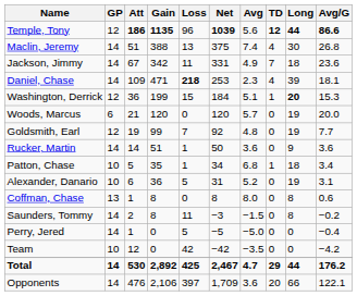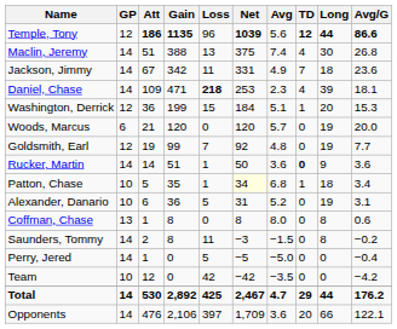 <table class="wikitable sortable" style="white-space:nowrap">
 <tr>
 <th>Name</th>
 <th>GP</th>
 <th>Att</th>
 <th>Gain</th>
 <th>Loss</th>
 <th>Net</th>
 <th>Avg</th>
 <th>TD</th>
 <th>Long</th>
 <th>Avg/G</th>
 </tr>
 <tr>
 <td><a href='#'>Temple, Tony</a></td>
 <td>12</td>
 <td><strong>186</strong></td>
 <td><strong>1135</strong></td>
 <td>96</td>
 <td><strong>1039</strong></td>
 <td>5.6</td>
 <td><strong>12</strong></td>
 <td><strong>44</strong></td>
 <td><strong>86.6</strong></td>
 </tr>
 <tr>
 <td><a href='#'>Maclin, Jeremy</a></td>
 <td>14</td>
 <td>51</td>
 <td>388</td>
 <td>13</td>
 <td>375</td>
 <td>7.4</td>
 <td>4</td>
 <td>30</td>
 <td>26.8</td>
 </tr>
 <tr>
 <td>Jackson, Jimmy</td>
 <td>14</td>
 <td>67</td>
 <td>342</td>
 <td>11</td>
 <td>331</td>
 <td>4.9</td>
 <td>7</td>
 <td>18</td>
 <td>23.6</td>
 </tr>
 <tr>
 <td><a href='#'>Daniel, Chase</a></td>
 <td>14</td>
 <td>109</td>
 <td>471</td>
 <td><strong>218</strong></td>
 <td>253</td>
 <td>2.3</td>
 <td>4</td>
 <td>39</td>
 <td>18.1</td>
 </tr>
 <tr>
 <td>Washington, Derrick</td>
 <td>12</td>
 <td>36</td>
 <td>199</td>
 <td>15</td>
 <td>184</td>
 <td>5.1</td>
 <td>1</td>
-<td><strong>20</strong></td>
+<td>20</td>
 <td>15.3</td>
 </tr>
 <tr>
 <td>Woods, Marcus</td>
 <td>6</td>
 <td>21</td>
 <td>120</td>
 <td>0</td>
 <td>120</td>
 <td>5.7</td>
 <td>0</td>
 <td>19</td>
 <td>20.0</td>
 </tr>
 <tr>
 <td>Goldsmith, Earl</td>
 <td>12</td>
 <td>19</td>
 <td>99</td>
 <td>7</td>
 <td>92</td>
 <td>4.8</td>
 <td>0</td>
 <td>19</td>
 <td>7.7</td>
 </tr>
 <tr>
 <td><a href='#'>Rucker, Martin</a></td>
 <td>14</td>
 <td>14</td>
 <td>51</td>
 <td>1</td>
 <td>50</td>
 <td>3.6</td>
-<td>0</td>
+<td><strong>0</strong></td>
 <td>9</td>
 <td>3.6</td>
 </tr>
 <tr>
 <td>Patton, Chase</td>
 <td>10</td>
 <td>5</td>
 <td>35</td>
 <td>1</td>
-<td>34</td>
+<td style="background: lightyellow;">34</td>
 <td>6.8</td>
 <td>1</td>
 <td>18</td>
 <td>3.4</td>
 </tr>
 <tr>
 <td>Alexander, Danario</td>
 <td>10</td>
 <td>6</td>
 <td>36</td>
 <td>5</td>
 <td>31</td>
 <td>5.2</td>
 <td>0</td>
 <td>19</td>
 <td>3.1</td>
 </tr>
 <tr>
 <td><a href='#'>Coffman, Chase</a></td>
 <td>13</td>
 <td>1</td>
 <td>8</td>
 <td>0</td>
 <td>8</td>
 <td>8.0</td>
 <td>0</td>
 <td>8</td>
 <td>0.6</td>
 </tr>
 <tr>
 <td>Saunders, Tommy</td>
 <td>14</td>
 <td>2</td>
 <td>8</td>
 <td>11</td>
 <td>−3</td>
 <td>−1.5</td>
 <td>0</td>
 <td>8</td>
 <td>−0.2</td>
 </tr>
 <tr>
 <td>Perry, Jered</td>
 <td>14</td>
 <td>1</td>
 <td>0</td>
 <td>5</td>
 <td>−5</td>
 <td>−5.0</td>
 <td>0</td>
 <td>0</td>
 <td>−0.4</td>
 </tr>
 <tr>
 <td>Team</td>
 <td>10</td>
 <td>12</td>
 <td>0</td>
 <td>42</td>
 <td>−42</td>
 <td>−3.5</td>
 <td>0</td>
 <td>0</td>
 <td>−4.2</td>
 </tr>
 <tr>
 </tr>
 <tr style="font-weight:bold;">
 <td>Total</td>
 <td>14</td>
 <td>530</td>
 <td>2,892</td>
 <td>425</td>
 <td>2,467</td>
 <td>4.7</td>
 <td>29</td>
 <td>44</td>
 <td>176.2</td>
 </tr>
 <tr>
 <td>Opponents</td>
 <td>14</td>
 <td>476</td>
 <td>2,106</td>
 <td>397</td>
 <td>1,709</td>
 <td>3.6</td>
 <td>20</td>
 <td>66</td>
 <td>122.1</td>
 </tr>
 </table>
